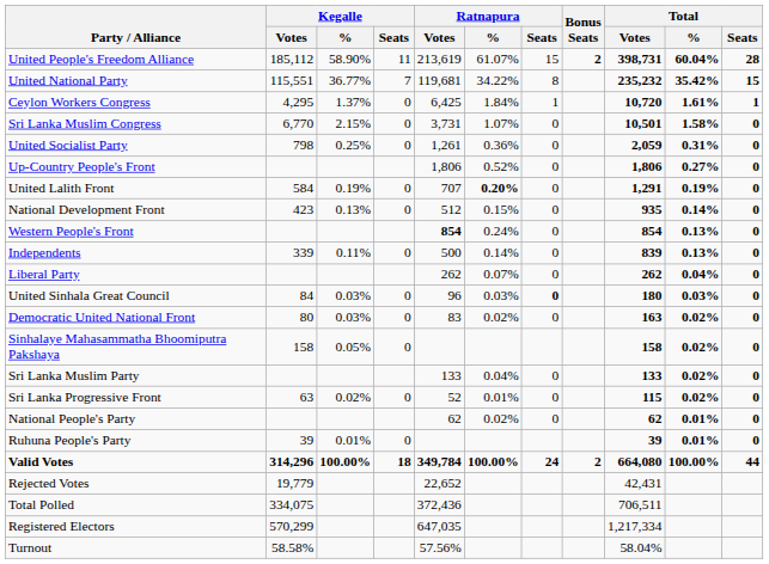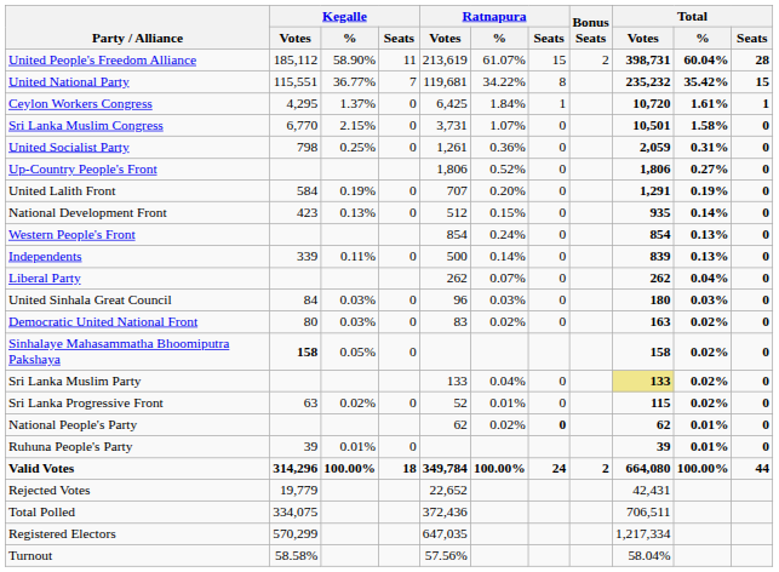 <table class="wikitable" border="1" style="text-align:right;">
 <tr>
 <th valign=bottom rowspan=2 width="300">Party / Alliance</th>
 <th colspan=3><a href='#'>Kegalle</a></th>
 <th colspan=3><a href='#'>Ratnapura</a></th>
 <th valign=bottom rowspan=2 width="40">Bonus<br>Seats</th>
 <th colspan=3>Total</th>
 </tr>
 <tr>
 <th align=center valign=bottom width="50">Votes</th>
 <th align=center valign=bottom width="50">%</th>
 <th align=center valign=bottom width="40">Seats</th>
 <th align=center valign=bottom width="50">Votes</th>
 <th align=center valign=bottom width="50">%</th>
 <th align=center valign=bottom width="40">Seats</th>
 <th align=center valign=bottom width="50">Votes</th>
 <th align=center valign=bottom width="50">%</th>
 <th align=center valign=bottom width="40">Seats</th>
 </tr>
 <tr>
 <td align=left><a href='#'>United People's Freedom Alliance</a></td>
 <td>185,112</td>
 <td>58.90%</td>
 <td>11</td>
 <td>213,619</td>
 <td>61.07%</td>
 <td>15</td>
-<td><strong>2</strong></td>
+<td>2</td>
 <td><strong>398,731</strong></td>
 <td><strong>60.04%</strong></td>
 <td><strong>28</strong></td>
 </tr>
 <tr>
 <td align=left><a href='#'>United National Party</a></td>
 <td>115,551</td>
 <td>36.77%</td>
 <td>7</td>
 <td>119,681</td>
 <td>34.22%</td>
 <td>8</td>
 <td></td>
 <td><strong>235,232</strong></td>
 <td><strong>35.42%</strong></td>
 <td><strong>15</strong></td>
 </tr>
 <tr>
 <td align=left><a href='#'>Ceylon Workers Congress</a></td>
 <td>4,295</td>
 <td>1.37%</td>
 <td>0</td>
 <td>6,425</td>
 <td>1.84%</td>
 <td>1</td>
 <td></td>
 <td><strong>10,720</strong></td>
 <td><strong>1.61%</strong></td>
 <td><strong>1</strong></td>
 </tr>
 <tr>
 <td align=left><a href='#'>Sri Lanka Muslim Congress</a></td>
 <td>6,770</td>
 <td>2.15%</td>
 <td>0</td>
 <td>3,731</td>
 <td>1.07%</td>
 <td>0</td>
 <td></td>
 <td><strong>10,501</strong></td>
 <td><strong>1.58%</strong></td>
 <td><strong>0</strong></td>
 </tr>
 <tr>
 <td align=left><a href='#'>United Socialist Party</a></td>
 <td>798</td>
 <td>0.25%</td>
 <td>0</td>
 <td>1,261</td>
 <td>0.36%</td>
 <td>0</td>
 <td></td>
 <td><strong>2,059</strong></td>
 <td><strong>0.31%</strong></td>
 <td><strong>0</strong></td>
 </tr>
 <tr>
 <td align=left><a href='#'>Up-Country People's Front</a></td>
 <td></td>
 <td></td>
 <td></td>
 <td>1,806</td>
 <td>0.52%</td>
 <td>0</td>
 <td></td>
 <td><strong>1,806</strong></td>
 <td><strong>0.27%</strong></td>
 <td><strong>0</strong></td>
 </tr>
 <tr>
 <td align=left>United Lalith Front</td>
 <td>584</td>
 <td>0.19%</td>
 <td>0</td>
 <td>707</td>
-<td><strong>0.20%</strong></td>
+<td>0.20%</td>
 <td>0</td>
 <td></td>
 <td><strong>1,291</strong></td>
 <td><strong>0.19%</strong></td>
 <td><strong>0</strong></td>
 </tr>
 <tr>
 <td align=left>National Development Front</td>
 <td>423</td>
 <td>0.13%</td>
 <td>0</td>
 <td>512</td>
 <td>0.15%</td>
 <td>0</td>
 <td></td>
 <td><strong>935</strong></td>
 <td><strong>0.14%</strong></td>
 <td><strong>0</strong></td>
 </tr>
 <tr>
 <td align=left><a href='#'>Western People's Front</a></td>
 <td></td>
 <td></td>
 <td></td>
-<td><strong>854</strong></td>
+<td>854</td>
 <td>0.24%</td>
 <td>0</td>
 <td></td>
 <td><strong>854</strong></td>
 <td><strong>0.13%</strong></td>
 <td><strong>0</strong></td>
 </tr>
 <tr>
 <td align=left><a href='#'>Independents</a></td>
 <td>339</td>
 <td>0.11%</td>
 <td>0</td>
 <td>500</td>
 <td>0.14%</td>
 <td>0</td>
 <td></td>
 <td><strong>839</strong></td>
 <td><strong>0.13%</strong></td>
 <td><strong>0</strong></td>
 </tr>
 <tr>
 <td align=left><a href='#'>Liberal Party</a></td>
 <td></td>
 <td></td>
 <td></td>
 <td>262</td>
 <td>0.07%</td>
 <td>0</td>
 <td></td>
 <td><strong>262</strong></td>
 <td><strong>0.04%</strong></td>
 <td><strong>0</strong></td>
 </tr>
 <tr>
 <td align=left>United Sinhala Great Council</td>
 <td>84</td>
 <td>0.03%</td>
 <td>0</td>
 <td>96</td>
 <td>0.03%</td>
-<td><strong>0</strong></td>
+<td>0</td>
 <td></td>
 <td><strong>180</strong></td>
 <td><strong>0.03%</strong></td>
 <td><strong>0</strong></td>
 </tr>
 <tr>
 <td align=left><a href='#'>Democratic United National Front</a></td>
 <td>80</td>
 <td>0.03%</td>
 <td>0</td>
 <td>83</td>
 <td>0.02%</td>
 <td>0</td>
 <td></td>
 <td><strong>163</strong></td>
 <td><strong>0.02%</strong></td>
 <td><strong>0</strong></td>
 </tr>
 <tr>
 <td align=left><a href='#'>Sinhalaye Mahasammatha Bhoomiputra Pakshaya</a></td>
-<td>158</td>
+<td><strong>158</strong></td>
 <td>0.05%</td>
 <td>0</td>
 <td></td>
 <td></td>
 <td></td>
 <td></td>
 <td><strong>158</strong></td>
 <td><strong>0.02%</strong></td>
 <td><strong>0</strong></td>
 </tr>
 <tr>
 <td align=left>Sri Lanka Muslim Party</td>
 <td></td>
 <td></td>
 <td></td>
 <td>133</td>
 <td>0.04%</td>
 <td>0</td>
 <td></td>
-<td><strong>133</strong></td>
+<td style="background: khaki;"><strong>133</strong></td>
 <td><strong>0.02%</strong></td>
 <td><strong>0</strong></td>
 </tr>
 <tr>
 <td align=left>Sri Lanka Progressive Front</td>
 <td>63</td>
 <td>0.02%</td>
 <td>0</td>
 <td>52</td>
 <td>0.01%</td>
 <td>0</td>
 <td></td>
 <td><strong>115</strong></td>
 <td><strong>0.02%</strong></td>
 <td><strong>0</strong></td>
 </tr>
 <tr>
 <td align=left>National People's Party</td>
 <td></td>
 <td></td>
 <td></td>
 <td>62</td>
 <td>0.02%</td>
-<td>0</td>
+<td><strong>0</strong></td>
 <td></td>
 <td><strong>62</strong></td>
 <td><strong>0.01%</strong></td>
 <td><strong>0</strong></td>
 </tr>
 <tr>
 <td align=left>Ruhuna People's Party</td>
 <td>39</td>
 <td>0.01%</td>
 <td>0</td>
 <td></td>
 <td></td>
 <td></td>
 <td></td>
 <td><strong>39</strong></td>
 <td><strong>0.01%</strong></td>
 <td><strong>0</strong></td>
 </tr>
 <tr>
 <td align=left><strong>Valid Votes</strong></td>
 <td><strong>314,296</strong></td>
 <td><strong>100.00%</strong></td>
 <td><strong>18</strong></td>
 <td><strong>349,784</strong></td>
 <td><strong>100.00%</strong></td>
 <td><strong>24</strong></td>
 <td><strong>2</strong></td>
 <td><strong>664,080</strong></td>
 <td><strong>100.00%</strong></td>
 <td><strong>44</strong></td>
 </tr>
 <tr>
 <td align=left>Rejected Votes</td>
 <td>19,779</td>
 <td></td>
 <td></td>
 <td>22,652</td>
 <td></td>
 <td></td>
 <td></td>
 <td>42,431</td>
 <td></td>
 <td></td>
 </tr>
 <tr>
 <td align=left>Total Polled</td>
 <td>334,075</td>
 <td></td>
 <td></td>
 <td>372,436</td>
 <td></td>
 <td></td>
 <td></td>
 <td>706,511</td>
 <td></td>
 <td></td>
 </tr>
 <tr>
 <td align=left>Registered Electors</td>
 <td>570,299</td>
 <td></td>
 <td></td>
 <td>647,035</td>
 <td></td>
 <td></td>
 <td></td>
 <td>1,217,334</td>
 <td></td>
 <td></td>
 </tr>
 <tr>
 <td align=left>Turnout</td>
 <td>58.58%</td>
 <td></td>
 <td></td>
 <td>57.56%</td>
 <td></td>
 <td></td>
 <td></td>
 <td>58.04%</td>
 <td></td>
 <td></td>
 </tr>
 </table>
